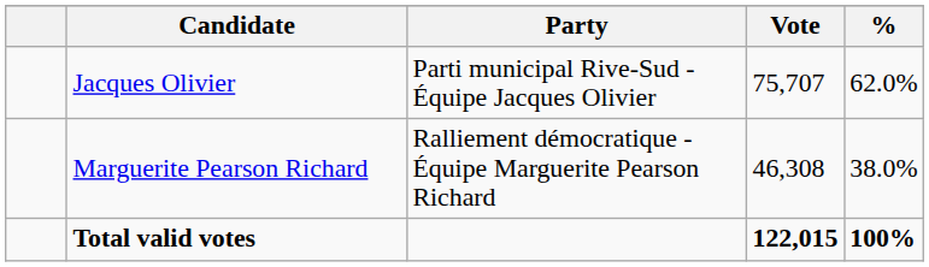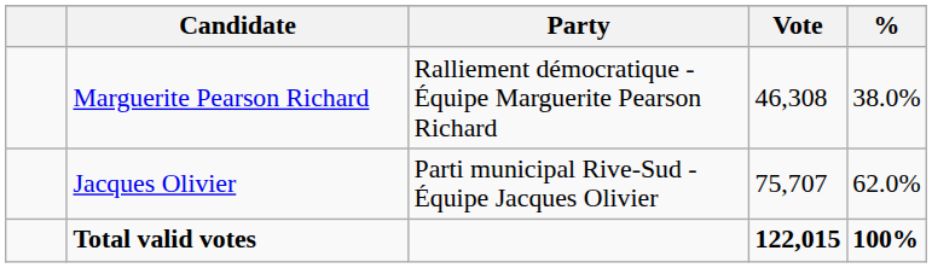 <table class="wikitable">
 <tr>
 </tr>
 <tr>
 <th bgcolor="#DDDDFF" width="30px"></th>
 <th bgcolor="#DDDDFF" width="200px">Candidate</th>
 <th bgcolor="#DDDDFF" width="200px">Party</th>
 <th bgcolor="#DDDDFF" width="50px">Vote</th>
 <th bgcolor="#DDDDFF" width="30px">%</th>
 </tr>
 <tr>
 <td> </td>
+<td><a href='#'>Marguerite Pearson Richard</a></td>
+<td>Ralliement démocratique - Équipe Marguerite Pearson Richard</td>
+<td>46,308</td>
+<td>38.0%</td>
+</tr>
+<tr>
+<td> </td>
 <td><a href='#'>Jacques Olivier</a></td>
 <td>Parti municipal Rive-Sud - Équipe Jacques Olivier</td>
 <td>75,707</td>
 <td>62.0%</td>
-</tr>
-<tr>
-<td> </td>
-<td><a href='#'>Marguerite Pearson Richard</a></td>
-<td>Ralliement démocratique - Équipe Marguerite Pearson Richard</td>
-<td>46,308</td>
-<td>38.0%</td>
 </tr>
 <tr>
 <td> </td>
 <td><strong>Total valid votes</strong></td>
 <td></td>
 <td><strong>122,015</strong></td>
 <td><strong>100%</strong></td>
 </tr>
 </table>
